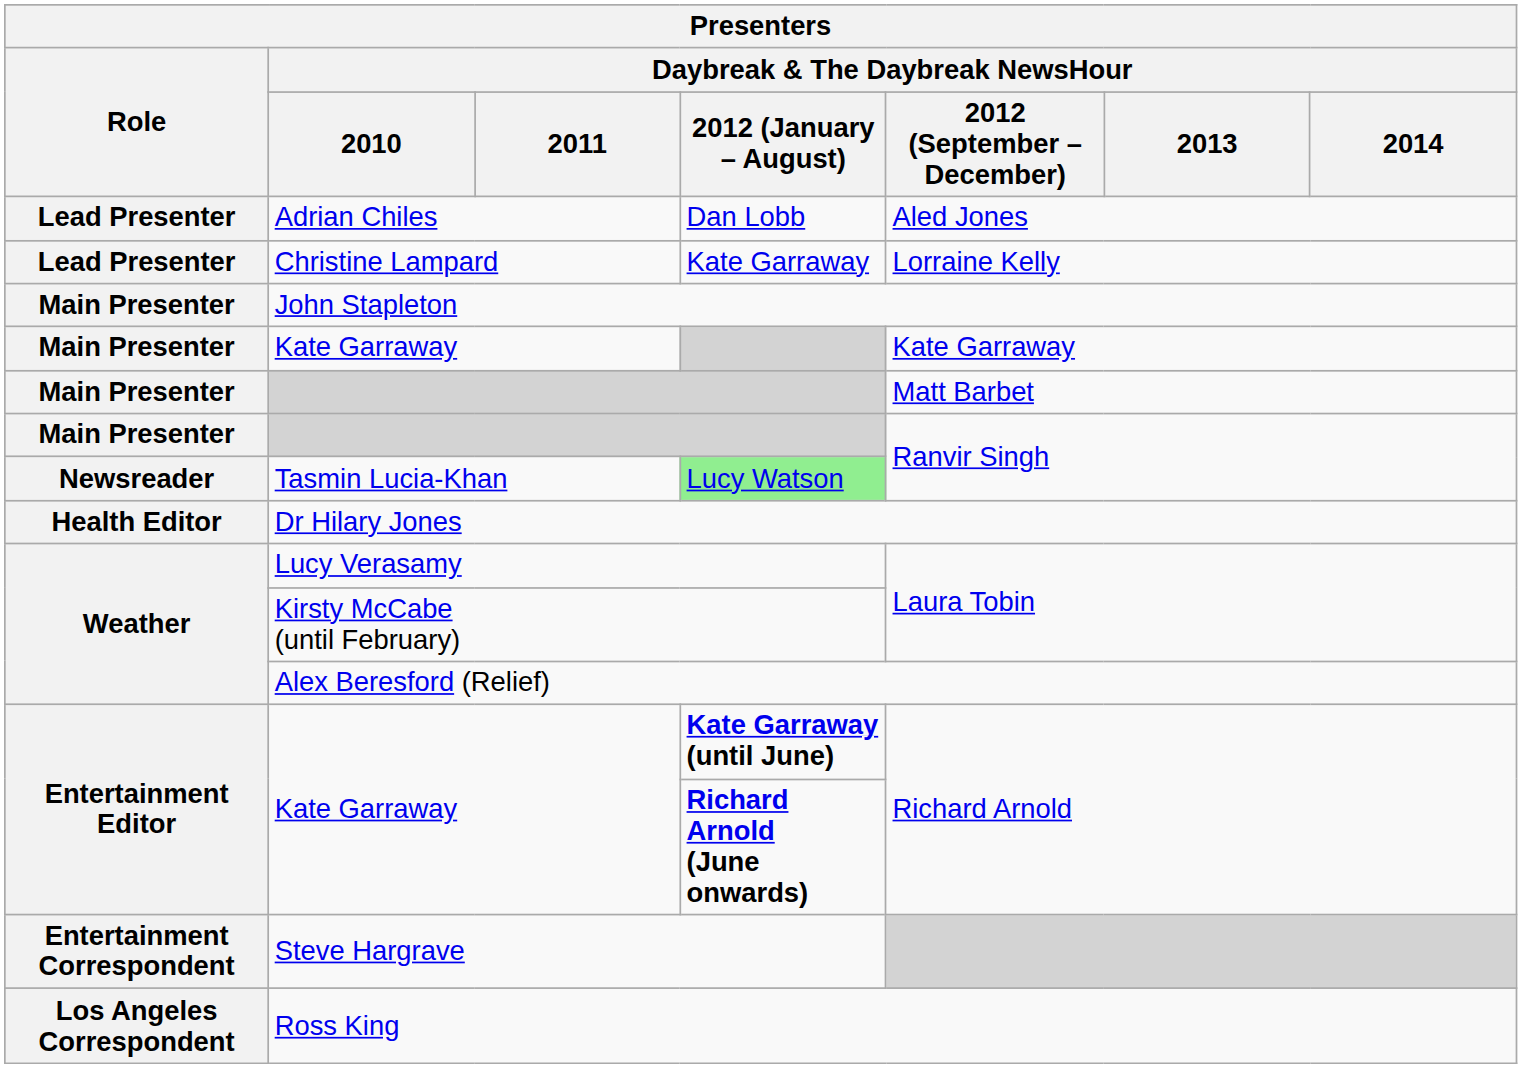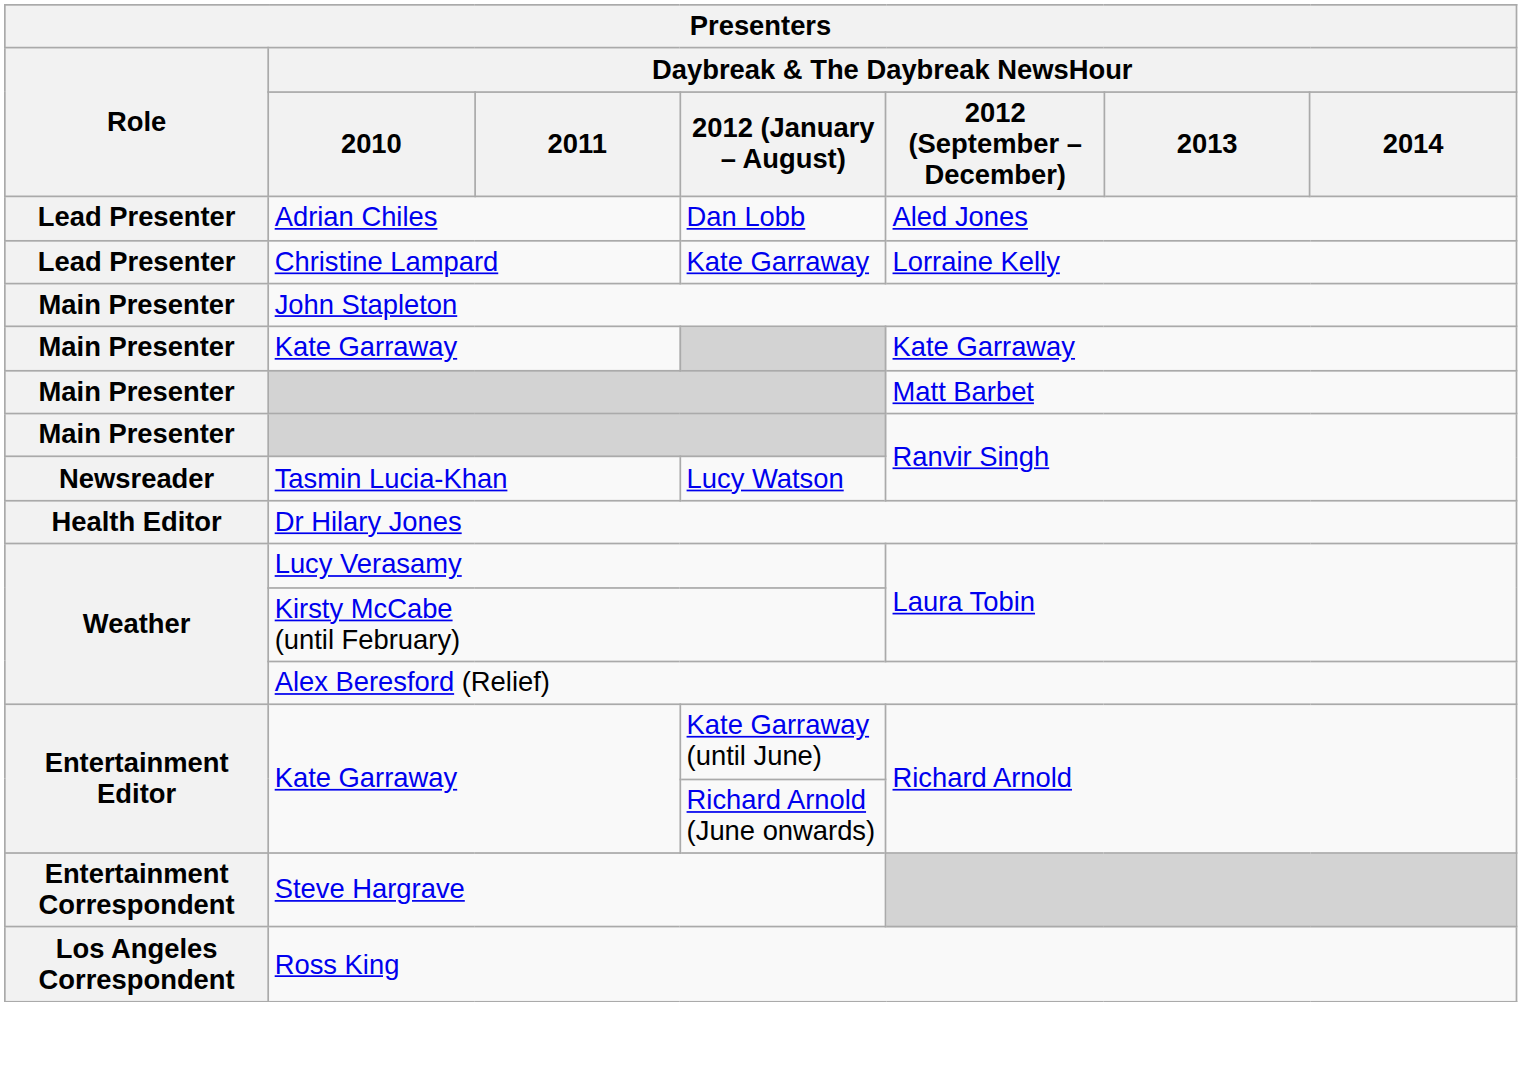 <table class="wikitable collapsible collapsed" style="width:70%;" style="text-align:center;">
 <tr>
 <th colspan="7">Presenters</th>
 </tr>
 <tr>
 <th rowspan="2" style="width:10%;">Role</th>
 <th colspan=6>Daybreak & The Daybreak NewsHour</th>
 </tr>
 <tr>
 <th style="width:10%;">2010</th>
 <th style="width:10%;">2011</th>
 <th style="width:10%;">2012 (January – August)</th>
 <th style="width:10%;">2012 (September – December)</th>
 <th style="width:10%;">2013</th>
 <th style="width:10%;">2014</th>
 </tr>
 <tr>
 <th>Lead Presenter</th>
 <td colspan="2"><a href='#'>Adrian Chiles</a></td>
 <td colspan="1"><a href='#'>Dan Lobb</a></td>
 <td colspan="3"><a href='#'>Aled Jones</a></td>
 </tr>
 <tr>
 <th>Lead Presenter</th>
 <td colspan="2"><a href='#'>Christine Lampard</a></td>
 <td colspan="1"><a href='#'>Kate Garraway</a></td>
 <td colspan="3"><a href='#'>Lorraine Kelly</a></td>
 </tr>
 <tr>
 <th>Main Presenter</th>
 <td colspan="6"><a href='#'>John Stapleton</a></td>
 </tr>
 <tr>
 <th>Main Presenter</th>
 <td colspan="2"><a href='#'>Kate Garraway</a></td>
 <td style="background: #D3D3D3;"></td>
 <td colspan="3"><a href='#'>Kate Garraway</a></td>
 </tr>
 <tr>
 <th>Main Presenter</th>
 <td style="background: #D3D3D3;" colspan="3"></td>
 <td colspan="3"><a href='#'>Matt Barbet</a></td>
 </tr>
 <tr>
 <th>Main Presenter</th>
 <td style="background: #D3D3D3;" colspan="3"></td>
 <td colspan="3" rowspan="2"><a href='#'>Ranvir Singh</a></td>
 </tr>
 <tr>
 <th>Newsreader</th>
 <td colspan="2"><a href='#'>Tasmin Lucia-Khan</a></td>
-<td style="background: lightgreen;"><a href='#'>Lucy Watson</a></td>
+<td><a href='#'>Lucy Watson</a></td>
 </tr>
 <tr>
 <th>Health Editor</th>
 <td colspan="6"><a href='#'>Dr Hilary Jones</a></td>
 </tr>
 <tr>
 <th rowspan="3">Weather</th>
 <td colspan="3"><a href='#'>Lucy Verasamy</a></td>
 <td colspan="3" rowspan="2"><a href='#'>Laura Tobin</a></td>
 </tr>
 <tr>
 <td colspan="3"><a href='#'>Kirsty McCabe</a><br>(until February)</td>
 </tr>
 <tr>
 <td colspan="6"><a href='#'>Alex Beresford</a> (Relief)</td>
 </tr>
 <tr>
 <th rowspan="2">Entertainment Editor</th>
 <td colspan="2" rowspan="2"><a href='#'>Kate Garraway</a></td>
-<td colspan="1"><strong><a href='#'>Kate Garraway</a><br>(until June)</strong></td>
+<td colspan="1"><a href='#'>Kate Garraway</a><br>(until June)</td>
 <td colspan="3" rowspan="2"><a href='#'>Richard Arnold</a></td>
 </tr>
 <tr>
-<td><strong><a href='#'>Richard Arnold</a><br>(June onwards)</strong></td>
+<td><a href='#'>Richard Arnold</a><br>(June onwards)</td>
 </tr>
 <tr>
 <th>Entertainment Correspondent</th>
 <td colspan="3"><a href='#'>Steve Hargrave</a></td>
 <td style="background: #D3D3D3;" colspan="3"></td>
 </tr>
 <tr>
 <th>Los Angeles Correspondent</th>
 <td colspan="6"><a href='#'>Ross King</a></td>
 </tr>
 </table>
